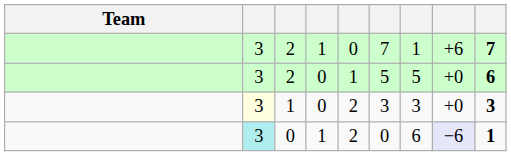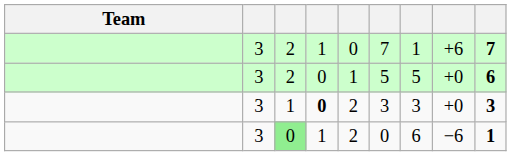 <table class="wikitable" style="text-align: center;">
 <tr>
 <th width=200>Team</th>
 <th width=20></th>
 <th width=20></th>
 <th width=20></th>
 <th width=20></th>
 <th width=20></th>
 <th width=20></th>
 <th width=30></th>
 <th width=20></th>
 </tr>
 <tr bgcolor=#ccffcc>
 <td align=left></td>
 <td>3</td>
 <td>2</td>
 <td>1</td>
 <td>0</td>
 <td>7</td>
 <td>1</td>
 <td>+6</td>
 <td><strong>7</strong></td>
 </tr>
 <tr bgcolor=#ccffcc>
 <td align=left></td>
 <td>3</td>
 <td>2</td>
 <td>0</td>
 <td>1</td>
 <td>5</td>
 <td>5</td>
 <td>+0</td>
 <td><strong>6</strong></td>
 </tr>
 <tr>
 <td align=left></td>
-<td style="background: lightyellow;">3</td>
+<td>3</td>
 <td>1</td>
-<td>0</td>
+<td><strong>0</strong></td>
 <td>2</td>
 <td>3</td>
 <td>3</td>
 <td>+0</td>
 <td><strong>3</strong></td>
 </tr>
 <tr>
 <td align=left></td>
-<td style="background: paleturquoise;">3</td>
-<td>0</td>
+<td>3</td>
+<td style="background: lightgreen;">0</td>
 <td>1</td>
 <td>2</td>
 <td>0</td>
 <td>6</td>
-<td style="background: lavender;">−6</td>
+<td>−6</td>
 <td><strong>1</strong></td>
 </tr>
 </table>
